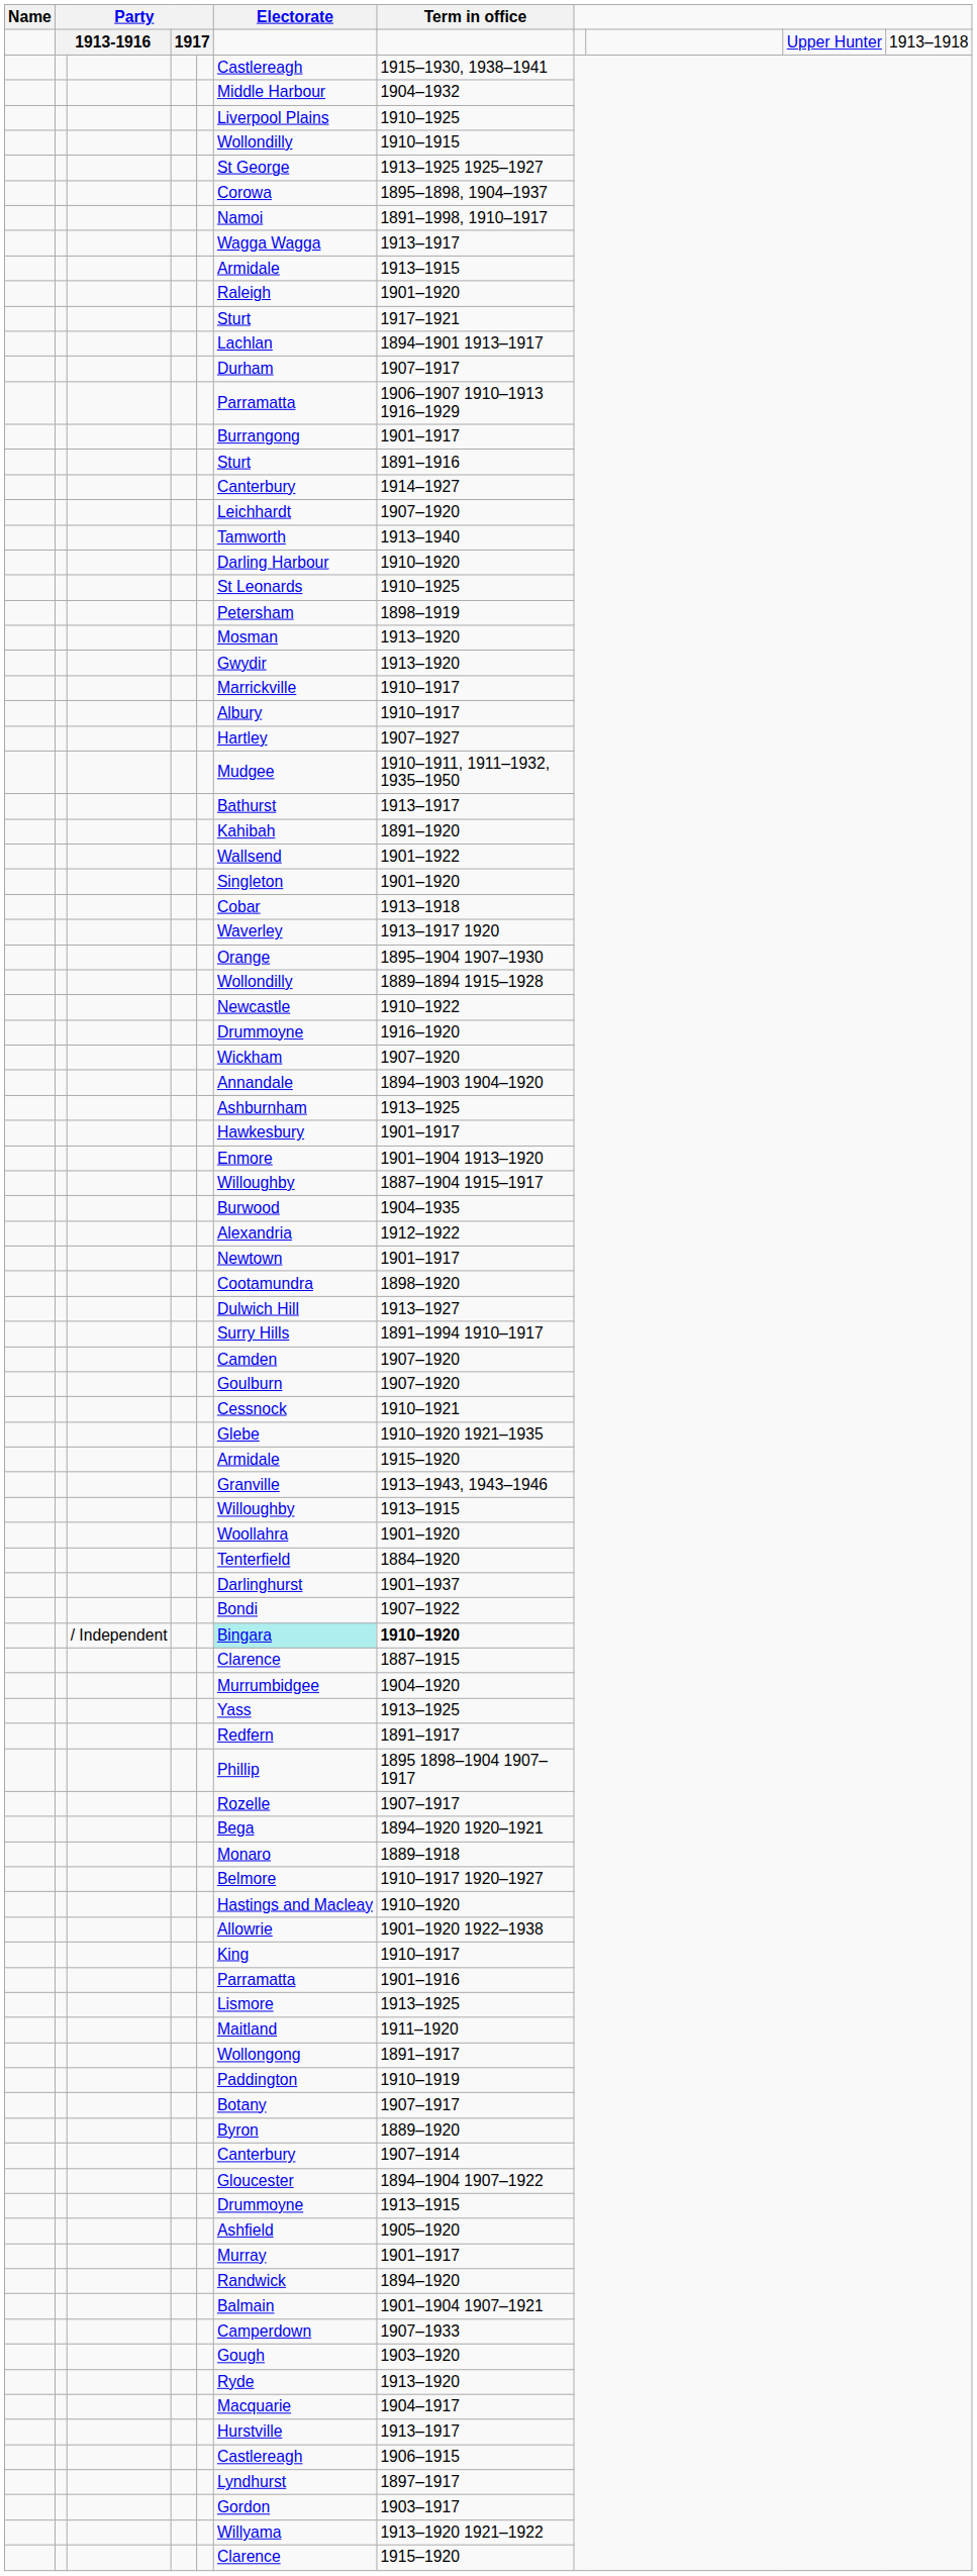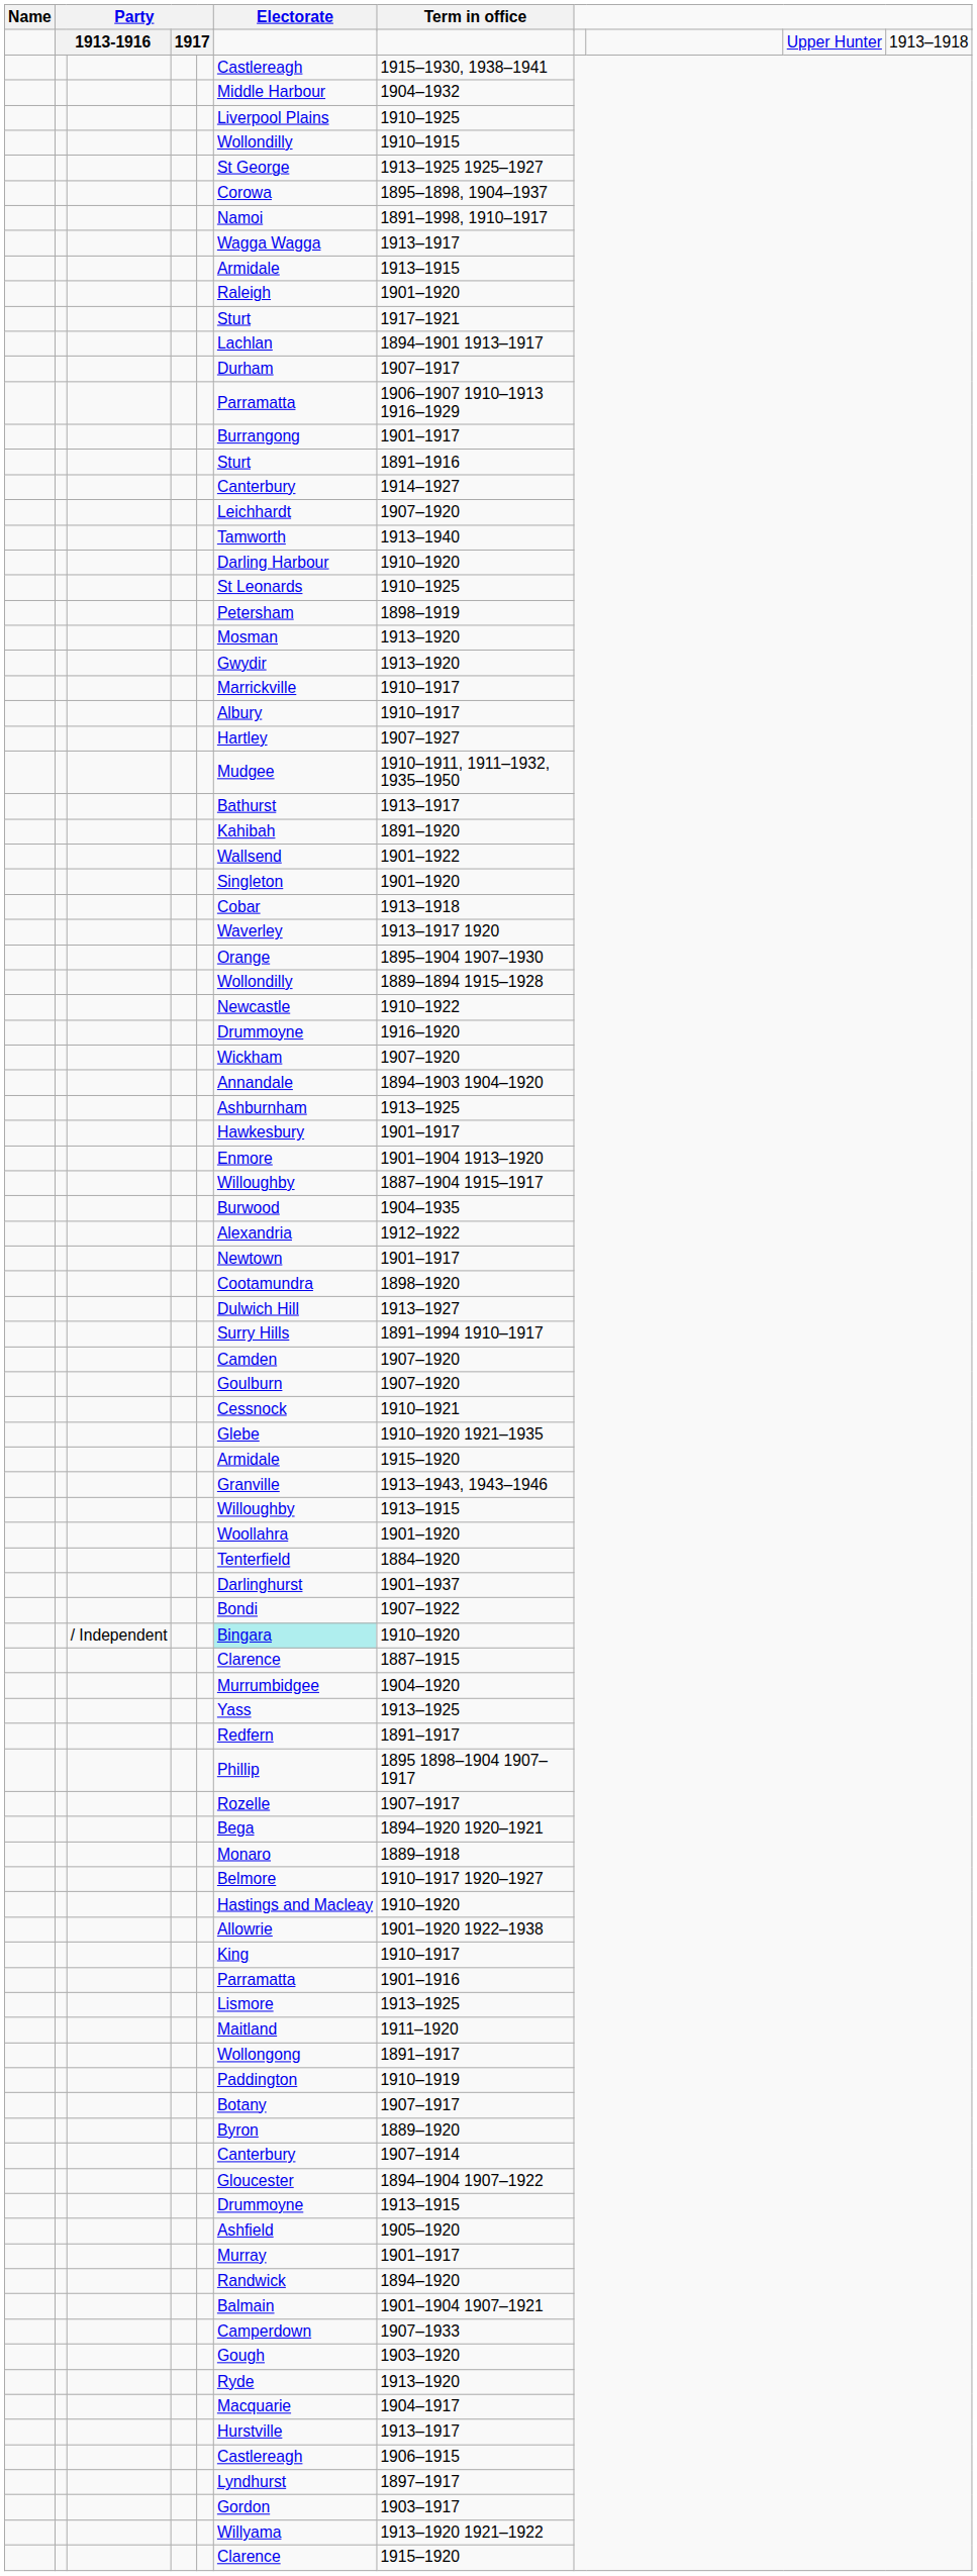 <table class="wikitable sortable">
 <tr>
 <th rowspan=2><strong>Name</strong></th>
 <th colspan=4><strong><a href='#'>Party</a></strong></th>
 <th rowspan=2><strong><a href='#'>Electorate</a></strong></th>
 <th rowspan=2><strong>Term in office</strong></th>
 </tr>
 <tr>
 <th rowspan=2 colspan=2>1913-1916</th>
 <th rowspan=2 colspan=2>1917</th>
 </tr>
 <tr>
 <td></td>
 <td> </td>
 <td scope="col" style="width: 12em"></td>
 <td> </td>
 <td scope="col" style="width: 12em"></td>
 <td><a href='#'>Upper Hunter</a></td>
 <td>1913–1918</td>
 </tr>
 <tr>
 <td></td>
 <td> </td>
 <td></td>
 <td> </td>
 <td></td>
 <td><a href='#'>Castlereagh</a></td>
 <td>1915–1930, 1938–1941</td>
 </tr>
 <tr>
 <td></td>
 <td> </td>
 <td></td>
 <td> </td>
 <td></td>
 <td><a href='#'>Middle Harbour</a></td>
 <td>1904–1932</td>
 </tr>
 <tr>
 <td></td>
 <td> </td>
 <td></td>
 <td> </td>
 <td></td>
 <td><a href='#'>Liverpool Plains</a></td>
 <td>1910–1925</td>
 </tr>
 <tr>
 <td></td>
 <td> </td>
 <td></td>
 <td> </td>
 <td></td>
 <td><a href='#'>Wollondilly</a></td>
 <td>1910–1915</td>
 </tr>
 <tr>
 <td></td>
 <td> </td>
 <td></td>
 <td> </td>
 <td></td>
 <td><a href='#'>St George</a></td>
 <td>1913–1925 1925–1927</td>
 </tr>
 <tr>
 <td></td>
 <td> </td>
 <td></td>
 <td> </td>
 <td></td>
 <td><a href='#'>Corowa</a></td>
 <td>1895–1898, 1904–1937</td>
 </tr>
 <tr>
 <td></td>
 <td> </td>
 <td></td>
 <td> </td>
 <td></td>
 <td><a href='#'>Namoi</a></td>
 <td>1891–1998, 1910–1917</td>
 </tr>
 <tr>
 <td></td>
 <td> </td>
 <td></td>
 <td> </td>
 <td></td>
 <td><a href='#'>Wagga Wagga</a></td>
 <td>1913–1917</td>
 </tr>
 <tr>
 <td></td>
 <td> </td>
 <td></td>
 <td> </td>
 <td></td>
 <td><a href='#'>Armidale</a></td>
 <td>1913–1915</td>
 </tr>
 <tr>
 <td></td>
 <td> </td>
 <td></td>
 <td> </td>
 <td></td>
 <td><a href='#'>Raleigh</a></td>
 <td>1901–1920</td>
 </tr>
 <tr>
 <td></td>
 <td> </td>
 <td></td>
 <td> </td>
 <td></td>
 <td><a href='#'>Sturt</a></td>
 <td>1917–1921</td>
 </tr>
 <tr>
 <td></td>
 <td> </td>
 <td></td>
 <td> </td>
 <td></td>
 <td><a href='#'>Lachlan</a></td>
 <td>1894–1901 1913–1917</td>
 </tr>
 <tr>
 <td></td>
 <td> </td>
 <td></td>
 <td> </td>
 <td></td>
 <td><a href='#'>Durham</a></td>
 <td>1907–1917</td>
 </tr>
 <tr>
 <td></td>
 <td> </td>
 <td></td>
 <td> </td>
 <td></td>
 <td><a href='#'>Parramatta</a></td>
 <td>1906–1907 1910–1913 1916–1929</td>
 </tr>
 <tr>
 <td></td>
 <td> </td>
 <td></td>
 <td> </td>
 <td></td>
 <td><a href='#'>Burrangong</a></td>
 <td>1901–1917</td>
 </tr>
 <tr>
 <td></td>
 <td> </td>
 <td></td>
 <td></td>
 <td></td>
 <td><a href='#'>Sturt</a></td>
 <td>1891–1916</td>
 </tr>
 <tr>
 <td></td>
 <td> </td>
 <td></td>
 <td> </td>
 <td></td>
 <td><a href='#'>Canterbury</a></td>
 <td>1914–1927</td>
 </tr>
 <tr>
 <td></td>
 <td> </td>
 <td></td>
 <td> </td>
 <td></td>
 <td><a href='#'>Leichhardt</a></td>
 <td>1907–1920</td>
 </tr>
 <tr>
 <td></td>
 <td> </td>
 <td></td>
 <td> </td>
 <td></td>
 <td><a href='#'>Tamworth</a></td>
 <td>1913–1940</td>
 </tr>
 <tr>
 <td></td>
 <td> </td>
 <td></td>
 <td> </td>
 <td></td>
 <td><a href='#'>Darling Harbour</a></td>
 <td>1910–1920</td>
 </tr>
 <tr>
 <td></td>
 <td> </td>
 <td></td>
 <td> </td>
 <td></td>
 <td><a href='#'>St Leonards</a></td>
 <td>1910–1925</td>
 </tr>
 <tr>
 <td></td>
 <td> </td>
 <td></td>
 <td> </td>
 <td></td>
 <td><a href='#'>Petersham</a></td>
 <td>1898–1919</td>
 </tr>
 <tr>
 <td></td>
 <td> </td>
 <td></td>
 <td> </td>
 <td></td>
 <td><a href='#'>Mosman</a></td>
 <td>1913–1920</td>
 </tr>
 <tr>
 <td></td>
 <td> </td>
 <td></td>
 <td> </td>
 <td></td>
 <td><a href='#'>Gwydir</a></td>
 <td>1913–1920</td>
 </tr>
 <tr>
 <td></td>
 <td> </td>
 <td></td>
 <td> </td>
 <td></td>
 <td><a href='#'>Marrickville</a></td>
 <td>1910–1917</td>
 </tr>
 <tr>
 <td></td>
 <td> </td>
 <td></td>
 <td> </td>
 <td></td>
 <td><a href='#'>Albury</a></td>
 <td>1910–1917</td>
 </tr>
 <tr>
 <td></td>
 <td> </td>
 <td></td>
 <td> </td>
 <td></td>
 <td><a href='#'>Hartley</a></td>
 <td>1907–1927</td>
 </tr>
 <tr>
 <td></td>
 <td> </td>
 <td></td>
 <td> </td>
 <td></td>
 <td><a href='#'>Mudgee</a></td>
 <td>1910–1911, 1911–1932, 1935–1950</td>
 </tr>
 <tr>
 <td></td>
 <td> </td>
 <td></td>
 <td> </td>
 <td></td>
 <td><a href='#'>Bathurst</a></td>
 <td>1913–1917</td>
 </tr>
 <tr>
 <td></td>
 <td> </td>
 <td></td>
 <td> </td>
 <td></td>
 <td><a href='#'>Kahibah</a></td>
 <td>1891–1920</td>
 </tr>
 <tr>
 <td></td>
 <td> </td>
 <td></td>
 <td> </td>
 <td></td>
 <td><a href='#'>Wallsend</a></td>
 <td>1901–1922</td>
 </tr>
 <tr>
 <td></td>
 <td> </td>
 <td></td>
 <td> </td>
 <td></td>
 <td><a href='#'>Singleton</a></td>
 <td>1901–1920</td>
 </tr>
 <tr>
 <td></td>
 <td> </td>
 <td></td>
 <td> </td>
 <td></td>
 <td><a href='#'>Cobar</a></td>
 <td>1913–1918</td>
 </tr>
 <tr>
 <td></td>
 <td> </td>
 <td></td>
 <td> </td>
 <td></td>
 <td><a href='#'>Waverley</a></td>
 <td>1913–1917 1920</td>
 </tr>
 <tr>
 <td></td>
 <td> </td>
 <td></td>
 <td> </td>
 <td></td>
 <td><a href='#'>Orange</a></td>
 <td>1895–1904 1907–1930</td>
 </tr>
 <tr>
 <td></td>
 <td> </td>
 <td></td>
 <td> </td>
 <td></td>
 <td><a href='#'>Wollondilly</a></td>
 <td>1889–1894 1915–1928</td>
 </tr>
 <tr>
 <td></td>
 <td> </td>
 <td></td>
 <td> </td>
 <td></td>
 <td><a href='#'>Newcastle</a></td>
 <td>1910–1922</td>
 </tr>
 <tr>
 <td></td>
 <td> </td>
 <td></td>
 <td> </td>
 <td></td>
 <td><a href='#'>Drummoyne</a></td>
 <td>1916–1920</td>
 </tr>
 <tr>
 <td></td>
 <td> </td>
 <td></td>
 <td> </td>
 <td></td>
 <td><a href='#'>Wickham</a></td>
 <td>1907–1920</td>
 </tr>
 <tr>
 <td></td>
 <td> </td>
 <td></td>
 <td> </td>
 <td></td>
 <td><a href='#'>Annandale</a></td>
 <td>1894–1903 1904–1920</td>
 </tr>
 <tr>
 <td></td>
 <td> </td>
 <td></td>
 <td> </td>
 <td></td>
 <td><a href='#'>Ashburnham</a></td>
 <td>1913–1925</td>
 </tr>
 <tr>
 <td></td>
 <td> </td>
 <td></td>
 <td> </td>
 <td></td>
 <td><a href='#'>Hawkesbury</a></td>
 <td>1901–1917</td>
 </tr>
 <tr>
 <td></td>
 <td> </td>
 <td></td>
 <td> </td>
 <td></td>
 <td><a href='#'>Enmore</a></td>
 <td>1901–1904 1913–1920</td>
 </tr>
 <tr>
 <td></td>
 <td> </td>
 <td></td>
 <td> </td>
 <td></td>
 <td><a href='#'>Willoughby</a></td>
 <td>1887–1904 1915–1917</td>
 </tr>
 <tr>
 <td></td>
 <td> </td>
 <td></td>
 <td> </td>
 <td></td>
 <td><a href='#'>Burwood</a></td>
 <td>1904–1935</td>
 </tr>
 <tr>
 <td></td>
 <td> </td>
 <td></td>
 <td> </td>
 <td></td>
 <td><a href='#'>Alexandria</a></td>
 <td>1912–1922</td>
 </tr>
 <tr>
 <td></td>
 <td> </td>
 <td></td>
 <td> </td>
 <td></td>
 <td><a href='#'>Newtown</a></td>
 <td>1901–1917</td>
 </tr>
 <tr>
 <td></td>
 <td> </td>
 <td></td>
 <td> </td>
 <td></td>
 <td><a href='#'>Cootamundra</a></td>
 <td>1898–1920</td>
 </tr>
 <tr>
 <td></td>
 <td> </td>
 <td></td>
 <td> </td>
 <td></td>
 <td><a href='#'>Dulwich Hill</a></td>
 <td>1913–1927</td>
 </tr>
 <tr>
 <td></td>
 <td> </td>
 <td></td>
 <td> </td>
 <td></td>
 <td><a href='#'>Surry Hills</a></td>
 <td>1891–1994 1910–1917</td>
 </tr>
 <tr>
 <td></td>
 <td> </td>
 <td></td>
 <td> </td>
 <td></td>
 <td><a href='#'>Camden</a></td>
 <td>1907–1920</td>
 </tr>
 <tr>
 <td></td>
 <td> </td>
 <td></td>
 <td> </td>
 <td></td>
 <td><a href='#'>Goulburn</a></td>
 <td>1907–1920</td>
 </tr>
 <tr>
 <td></td>
 <td> </td>
 <td></td>
 <td> </td>
 <td></td>
 <td><a href='#'>Cessnock</a></td>
 <td>1910–1921</td>
 </tr>
 <tr>
 <td></td>
 <td> </td>
 <td></td>
 <td> </td>
 <td></td>
 <td><a href='#'>Glebe</a></td>
 <td>1910–1920 1921–1935</td>
 </tr>
 <tr>
 <td></td>
 <td> </td>
 <td></td>
 <td> </td>
 <td></td>
 <td><a href='#'>Armidale</a></td>
 <td>1915–1920</td>
 </tr>
 <tr>
 <td></td>
 <td> </td>
 <td></td>
 <td> </td>
 <td></td>
 <td><a href='#'>Granville</a></td>
 <td>1913–1943, 1943–1946</td>
 </tr>
 <tr>
 <td></td>
 <td> </td>
 <td></td>
 <td> </td>
 <td></td>
 <td><a href='#'>Willoughby</a></td>
 <td>1913–1915</td>
 </tr>
 <tr>
 <td></td>
 <td> </td>
 <td></td>
 <td> </td>
 <td></td>
 <td><a href='#'>Woollahra</a></td>
 <td>1901–1920</td>
 </tr>
 <tr>
 <td></td>
 <td> </td>
 <td></td>
 <td> </td>
 <td></td>
 <td><a href='#'>Tenterfield</a></td>
 <td>1884–1920</td>
 </tr>
 <tr>
 <td></td>
 <td> </td>
 <td></td>
 <td> </td>
 <td></td>
 <td><a href='#'>Darlinghurst</a></td>
 <td>1901–1937</td>
 </tr>
 <tr>
 <td></td>
 <td> </td>
 <td></td>
 <td> </td>
 <td></td>
 <td><a href='#'>Bondi</a></td>
 <td>1907–1922</td>
 </tr>
 <tr>
 <td></td>
 <td> </td>
 <td> / Independent</td>
 <td> </td>
 <td></td>
 <td style="background: paleturquoise;"><a href='#'>Bingara</a></td>
-<td><strong>1910–1920</strong></td>
+<td>1910–1920</td>
 </tr>
 <tr>
 <td></td>
 <td> </td>
 <td></td>
 <td> </td>
 <td></td>
 <td><a href='#'>Clarence</a></td>
 <td>1887–1915</td>
 </tr>
 <tr>
 <td></td>
 <td> </td>
 <td></td>
 <td> </td>
 <td></td>
 <td><a href='#'>Murrumbidgee</a></td>
 <td>1904–1920</td>
 </tr>
 <tr>
 <td></td>
 <td> </td>
 <td></td>
 <td> </td>
 <td></td>
 <td><a href='#'>Yass</a></td>
 <td>1913–1925</td>
 </tr>
 <tr>
 <td></td>
 <td> </td>
 <td></td>
 <td> </td>
 <td></td>
 <td><a href='#'>Redfern</a></td>
 <td>1891–1917</td>
 </tr>
 <tr>
 <td></td>
 <td> </td>
 <td></td>
 <td> </td>
 <td></td>
 <td><a href='#'>Phillip</a></td>
 <td>1895 1898–1904 1907–1917</td>
 </tr>
 <tr>
 <td></td>
 <td> </td>
 <td></td>
 <td> </td>
 <td></td>
 <td><a href='#'>Rozelle</a></td>
 <td>1907–1917</td>
 </tr>
 <tr>
 <td></td>
 <td> </td>
 <td></td>
 <td> </td>
 <td></td>
 <td><a href='#'>Bega</a></td>
 <td>1894–1920 1920–1921</td>
 </tr>
 <tr>
 <td></td>
 <td> </td>
 <td></td>
 <td> </td>
 <td></td>
 <td><a href='#'>Monaro</a></td>
 <td>1889–1918</td>
 </tr>
 <tr>
 <td></td>
 <td> </td>
 <td></td>
 <td> </td>
 <td></td>
 <td><a href='#'>Belmore</a></td>
 <td>1910–1917 1920–1927</td>
 </tr>
 <tr>
 <td></td>
 <td> </td>
 <td></td>
 <td> </td>
 <td></td>
 <td><a href='#'>Hastings and Macleay</a></td>
 <td>1910–1920</td>
 </tr>
 <tr>
 <td></td>
 <td> </td>
 <td></td>
 <td> </td>
 <td></td>
 <td><a href='#'>Allowrie</a></td>
 <td>1901–1920 1922–1938</td>
 </tr>
 <tr>
 <td></td>
 <td> </td>
 <td></td>
 <td> </td>
 <td></td>
 <td><a href='#'>King</a></td>
 <td>1910–1917</td>
 </tr>
 <tr>
 <td></td>
 <td> </td>
 <td></td>
 <td> </td>
 <td></td>
 <td><a href='#'>Parramatta</a></td>
 <td>1901–1916</td>
 </tr>
 <tr>
 <td></td>
 <td> </td>
 <td></td>
 <td> </td>
 <td></td>
 <td><a href='#'>Lismore</a></td>
 <td>1913–1925</td>
 </tr>
 <tr>
 <td></td>
 <td> </td>
 <td></td>
 <td> </td>
 <td></td>
 <td><a href='#'>Maitland</a></td>
 <td>1911–1920</td>
 </tr>
 <tr>
 <td></td>
 <td> </td>
 <td></td>
 <td> </td>
 <td></td>
 <td><a href='#'>Wollongong</a></td>
 <td>1891–1917</td>
 </tr>
 <tr>
 <td></td>
 <td> </td>
 <td></td>
 <td> </td>
 <td></td>
 <td><a href='#'>Paddington</a></td>
 <td>1910–1919</td>
 </tr>
 <tr>
 <td></td>
 <td> </td>
 <td></td>
 <td> </td>
 <td></td>
 <td><a href='#'>Botany</a></td>
 <td>1907–1917</td>
 </tr>
 <tr>
 <td></td>
 <td> </td>
 <td></td>
 <td> </td>
 <td></td>
 <td><a href='#'>Byron</a></td>
 <td>1889–1920</td>
 </tr>
 <tr>
 <td></td>
 <td> </td>
 <td></td>
 <td> </td>
 <td></td>
 <td><a href='#'>Canterbury</a></td>
 <td>1907–1914</td>
 </tr>
 <tr>
 <td></td>
 <td> </td>
 <td></td>
 <td> </td>
 <td></td>
 <td><a href='#'>Gloucester</a></td>
 <td>1894–1904 1907–1922</td>
 </tr>
 <tr>
 <td></td>
 <td> </td>
 <td></td>
 <td> </td>
 <td></td>
 <td><a href='#'>Drummoyne</a></td>
 <td>1913–1915</td>
 </tr>
 <tr>
 <td></td>
 <td> </td>
 <td></td>
 <td> </td>
 <td></td>
 <td><a href='#'>Ashfield</a></td>
 <td>1905–1920</td>
 </tr>
 <tr>
 <td></td>
 <td> </td>
 <td></td>
 <td> </td>
 <td></td>
 <td><a href='#'>Murray</a></td>
 <td>1901–1917</td>
 </tr>
 <tr>
 <td></td>
 <td> </td>
 <td></td>
 <td> </td>
 <td></td>
 <td><a href='#'>Randwick</a></td>
 <td>1894–1920</td>
 </tr>
 <tr>
 <td></td>
 <td> </td>
 <td></td>
 <td> </td>
 <td></td>
 <td><a href='#'>Balmain</a></td>
 <td>1901–1904 1907–1921</td>
 </tr>
 <tr>
 <td></td>
 <td> </td>
 <td></td>
 <td> </td>
 <td></td>
 <td><a href='#'>Camperdown</a></td>
 <td>1907–1933</td>
 </tr>
 <tr>
 <td></td>
 <td> </td>
 <td></td>
 <td> </td>
 <td></td>
 <td><a href='#'>Gough</a></td>
 <td>1903–1920</td>
 </tr>
 <tr>
 <td></td>
 <td> </td>
 <td></td>
 <td> </td>
 <td></td>
 <td><a href='#'>Ryde</a></td>
 <td>1913–1920</td>
 </tr>
 <tr>
 <td></td>
 <td> </td>
 <td></td>
 <td> </td>
 <td></td>
 <td><a href='#'>Macquarie</a></td>
 <td>1904–1917</td>
 </tr>
 <tr>
 <td></td>
 <td> </td>
 <td></td>
 <td> </td>
 <td></td>
 <td><a href='#'>Hurstville</a></td>
 <td>1913–1917</td>
 </tr>
 <tr>
 <td></td>
 <td> </td>
 <td></td>
 <td> </td>
 <td></td>
 <td><a href='#'>Castlereagh</a></td>
 <td>1906–1915</td>
 </tr>
 <tr>
 <td></td>
 <td> </td>
 <td></td>
 <td> </td>
 <td></td>
 <td><a href='#'>Lyndhurst</a></td>
 <td>1897–1917</td>
 </tr>
 <tr>
 <td></td>
 <td> </td>
 <td></td>
 <td> </td>
 <td></td>
 <td><a href='#'>Gordon</a></td>
 <td>1903–1917</td>
 </tr>
 <tr>
 <td></td>
 <td> </td>
 <td></td>
 <td> </td>
 <td></td>
 <td><a href='#'>Willyama</a></td>
 <td>1913–1920 1921–1922</td>
 </tr>
 <tr>
 <td></td>
 <td> </td>
 <td></td>
 <td> </td>
 <td></td>
 <td><a href='#'>Clarence</a></td>
 <td>1915–1920</td>
 </tr>
 </table>
